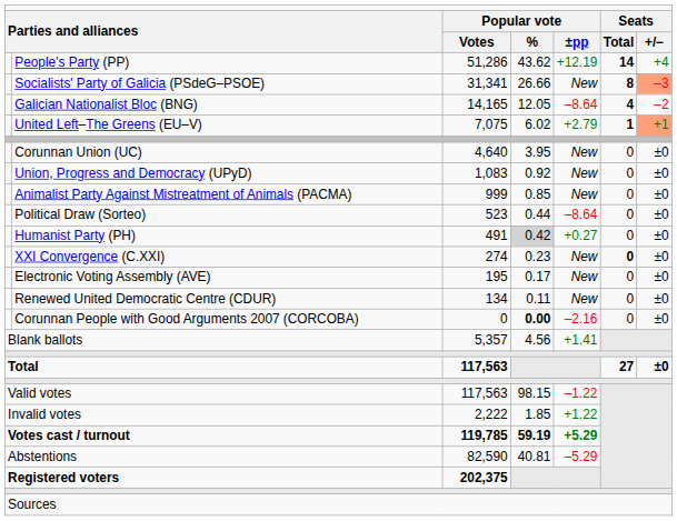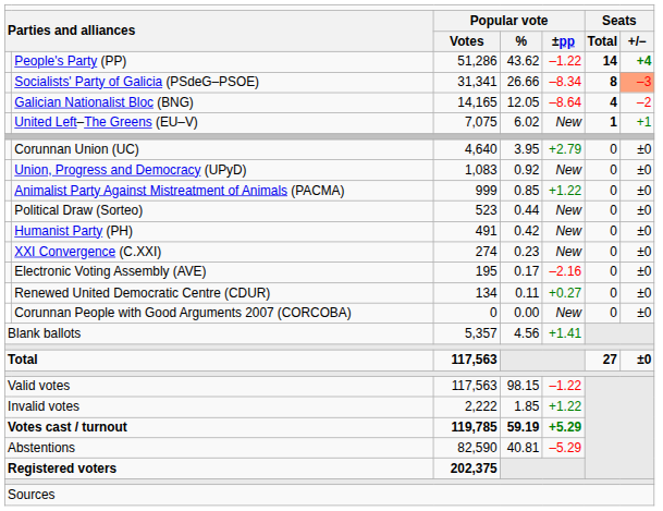 <table class="wikitable" style="text-align:right;">
 <tr>
 <td colspan="7"></td>
 </tr>
 <tr>
 <th style="text-align:left;" rowspan="2" colspan="2" width="525">Parties and alliances</th>
 <th colspan="3">Popular vote</th>
 <th colspan="2">Seats</th>
 </tr>
 <tr>
 <th width="75">Votes</th>
 <th width="45">%</th>
 <th width="45">±<a href='#'>pp</a></th>
 <th width="35">Total</th>
 <th width="35">+/−</th>
 </tr>
 <tr>
 <td width="1" style="color:inherit;background:"></td>
 <td align="left"><a href='#'>People's Party</a> (PP)</td>
 <td>51,286</td>
 <td>43.62</td>
-<td style="color:green;">+12.19</td>
+<td style="color:red;">–1.22</td>
 <td><strong>14</strong></td>
-<td style="color:green;">+4</td>
+<td style="color:green;"><strong>+4</strong></td>
 </tr>
 <tr>
 <td style="color:inherit;background:"></td>
 <td align="left"><a href='#'>Socialists' Party of Galicia</a> (PSdeG–PSOE)</td>
 <td>31,341</td>
 <td>26.66</td>
-<td><em>New</em></td>
+<td style="color:red;">–8.34</td>
 <td><strong>8</strong></td>
 <td style="background: lightsalmon; color:red;">–3</td>
 </tr>
 <tr>
 <td style="color:inherit;background:"></td>
 <td align="left"><a href='#'>Galician Nationalist Bloc</a> (BNG)</td>
 <td>14,165</td>
 <td>12.05</td>
 <td style="color:red;">–8.64</td>
 <td><strong>4</strong></td>
 <td style="color:red;">–2</td>
 </tr>
 <tr>
 <td style="color:inherit;background:"></td>
 <td align="left"><a href='#'>United Left</a>–<a href='#'>The Greens</a> (EU–V)</td>
 <td>7,075</td>
 <td>6.02</td>
-<td style="color:green;">+2.79</td>
+<td><em>New</em></td>
 <td><strong>1</strong></td>
-<td style="background: lightsalmon; color:green;">+1</td>
+<td style="color:green;">+1</td>
 </tr>
 <tr>
 <td colspan="7" bgcolor="#C0C0C0"></td>
 </tr>
 <tr>
 <td style="color:inherit;background:"></td>
 <td align="left">Corunnan Union (UC)</td>
 <td>4,640</td>
 <td>3.95</td>
-<td><em>New</em></td>
+<td style="color:green;">+2.79</td>
 <td>0</td>
 <td>±0</td>
 </tr>
 <tr>
 <td style="color:inherit;background:"></td>
 <td align="left"><a href='#'>Union, Progress and Democracy</a> (UPyD)</td>
 <td>1,083</td>
 <td>0.92</td>
 <td><em>New</em></td>
 <td>0</td>
 <td>±0</td>
 </tr>
 <tr>
 <td style="color:inherit;background:"></td>
 <td align="left"><a href='#'>Animalist Party Against Mistreatment of Animals</a> (PACMA)</td>
 <td>999</td>
 <td>0.85</td>
-<td><em>New</em></td>
+<td style="color:green;">+1.22</td>
 <td>0</td>
 <td>±0</td>
 </tr>
 <tr>
 <td bgcolor="white"></td>
 <td align="left">Political Draw (Sorteo)</td>
 <td>523</td>
 <td>0.44</td>
-<td style="color:red;">–8.64</td>
+<td><em>New</em></td>
 <td>0</td>
 <td>±0</td>
 </tr>
 <tr>
 <td style="color:inherit;background:"></td>
 <td align="left"><a href='#'>Humanist Party</a> (PH)</td>
 <td>491</td>
-<td style="background: lightgrey;">0.42</td>
-<td style="color:green;">+0.27</td>
+<td>0.42</td>
+<td><em>New</em></td>
 <td>0</td>
 <td>±0</td>
 </tr>
 <tr>
 <td style="color:inherit;background:"></td>
 <td align="left"><a href='#'>XXI Convergence</a> (C.XXI)</td>
 <td>274</td>
 <td>0.23</td>
 <td><em>New</em></td>
-<td><strong>0</strong></td>
+<td>0</td>
 <td>±0</td>
 </tr>
 <tr>
 <td style="color:inherit;background:"></td>
 <td align="left">Electronic Voting Assembly (AVE)</td>
 <td>195</td>
 <td>0.17</td>
-<td><em>New</em></td>
+<td style="color:red;">–2.16</td>
 <td>0</td>
 <td>±0</td>
 </tr>
 <tr>
 <td bgcolor="white"></td>
 <td align="left">Renewed United Democratic Centre (CDUR)</td>
 <td>134</td>
 <td>0.11</td>
-<td><em>New</em></td>
+<td style="color:green;">+0.27</td>
 <td>0</td>
 <td>±0</td>
 </tr>
 <tr>
 <td bgcolor="white"></td>
 <td align="left">Corunnan People with Good Arguments 2007 (CORCOBA)</td>
 <td>0</td>
-<td><strong>0.00</strong></td>
-<td style="color:red;">–2.16</td>
+<td>0.00</td>
+<td><em>New</em></td>
 <td>0</td>
 <td>±0</td>
 </tr>
 <tr>
 <td align="left" colspan="2">Blank ballots</td>
 <td>5,357</td>
 <td>4.56</td>
 <td style="color:green;">+1.41</td>
 <td bgcolor="#E9E9E9" colspan="2"></td>
 </tr>
 <tr>
 <td colspan="7" bgcolor="#E9E9E9"></td>
 </tr>
 <tr style="font-weight:bold;">
 <td align="left" colspan="2">Total</td>
 <td>117,563</td>
 <td bgcolor="#E9E9E9" colspan="2"></td>
 <td>27</td>
 <td>±0</td>
 </tr>
 <tr>
 <td colspan="7" bgcolor="#E9E9E9"></td>
 </tr>
 <tr>
 <td align="left" colspan="2">Valid votes</td>
 <td>117,563</td>
 <td>98.15</td>
 <td style="color:red;">–1.22</td>
 <td bgcolor="#E9E9E9" colspan="2" rowspan="5"></td>
 </tr>
 <tr>
 <td align="left" colspan="2">Invalid votes</td>
 <td>2,222</td>
 <td>1.85</td>
 <td style="color:green;">+1.22</td>
 </tr>
 <tr style="font-weight:bold;">
 <td align="left" colspan="2">Votes cast / turnout</td>
 <td>119,785</td>
 <td>59.19</td>
 <td style="color:green;">+5.29</td>
 </tr>
 <tr>
 <td align="left" colspan="2">Abstentions</td>
 <td>82,590</td>
 <td>40.81</td>
 <td style="color:red;">–5.29</td>
 </tr>
 <tr style="font-weight:bold;">
 <td align="left" colspan="2">Registered voters</td>
 <td>202,375</td>
 <td bgcolor="#E9E9E9" colspan="2"></td>
 </tr>
 <tr>
 <td colspan="7" bgcolor="#E9E9E9"></td>
 </tr>
 <tr>
 <td align="left" colspan="7">Sources</td>
 </tr>
 </table>
